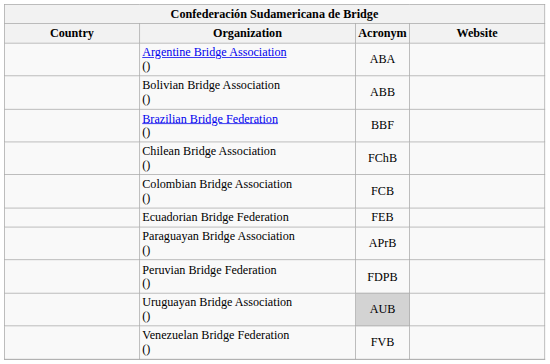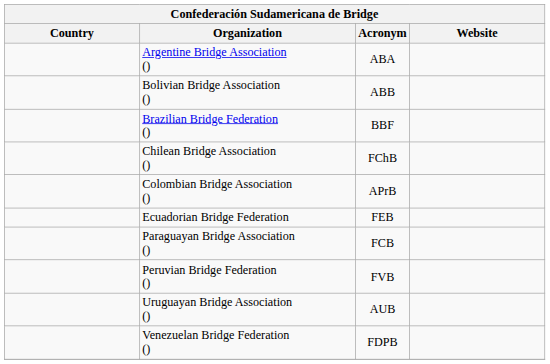 <table class="wikitable">
 <tr>
 <th colspan=5>Confederación Sudamericana de Bridge</th>
 </tr>
 <tr>
 <th width="25%">Country</th>
 <th width="40%">Organization</th>
 <th width="10%">Acronym</th>
 <th width="25%">Website</th>
 </tr>
 <tr>
 <td></td>
 <td><a href='#'>Argentine Bridge Association</a><br>()</td>
 <td align=center>ABA</td>
 <td></td>
 </tr>
 <tr>
 <td></td>
 <td>Bolivian Bridge Association<br>()</td>
 <td align=center>ABB</td>
 <td></td>
 </tr>
 <tr>
 <td></td>
 <td><a href='#'>Brazilian Bridge Federation</a><br>()</td>
 <td align=center>BBF</td>
 <td></td>
 </tr>
 <tr>
 <td></td>
 <td>Chilean Bridge Association<br>()</td>
 <td align=center>FChB</td>
 <td></td>
 </tr>
 <tr>
 <td></td>
 <td>Colombian Bridge Association<br>()</td>
-<td align=center>FCB</td>
+<td align=center>APrB</td>
 <td></td>
 </tr>
 <tr>
 <td></td>
 <td>Ecuadorian Bridge Federation<br></td>
 <td align=center>FEB</td>
 <td></td>
 </tr>
 <tr>
 <td></td>
 <td>Paraguayan Bridge Association<br>()</td>
-<td align=center>APrB</td>
+<td align=center>FCB</td>
 <td></td>
 </tr>
 <tr>
 <td></td>
 <td>Peruvian Bridge Federation<br>()</td>
-<td align=center>FDPB</td>
+<td align=center>FVB</td>
 <td></td>
 </tr>
 <tr>
 <td></td>
 <td>Uruguayan Bridge Association<br>()</td>
-<td align=center style="background: lightgrey;">AUB</td>
+<td align=center>AUB</td>
 <td></td>
 </tr>
 <tr>
 <td></td>
 <td>Venezuelan Bridge Federation<br>()</td>
-<td align=center>FVB</td>
+<td align=center>FDPB</td>
 <td></td>
 </tr>
 <tr>
 </tr>
 </table>
